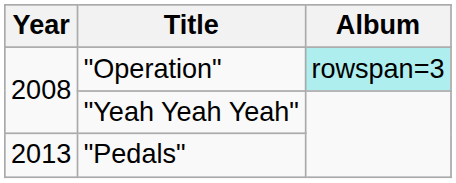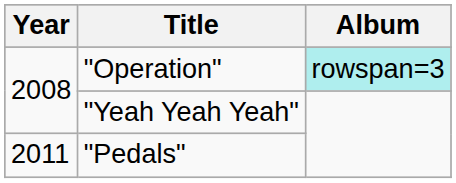 <table class="wikitable">
 <tr>
 <th>Year</th>
 <th>Title</th>
 <th>Album</th>
 </tr>
 <tr>
 <td rowspan=2>2008</td>
 <td>"Operation"</td>
 <td style="background: paleturquoise;">rowspan=3 </td>
 </tr>
 <tr>
 <td>"Yeah Yeah Yeah"</td>
 </tr>
 <tr>
-<td>2013</td>
+<td>2011</td>
 <td>"Pedals"</td>
 </tr>
 </table>
